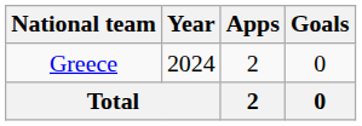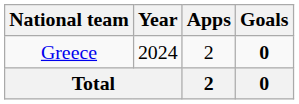 <table class="wikitable" style="text-align: center;">
 <tr>
 <th>National team</th>
 <th>Year</th>
 <th>Apps</th>
 <th>Goals</th>
 </tr>
 <tr>
 <td rowspan="1"><a href='#'>Greece</a></td>
 <td>2024</td>
 <td>2</td>
-<td>0</td>
+<td><strong>0</strong></td>
 </tr>
 <tr>
 <th colspan="2">Total</th>
 <th>2</th>
 <th>0</th>
 </tr>
 </table>
